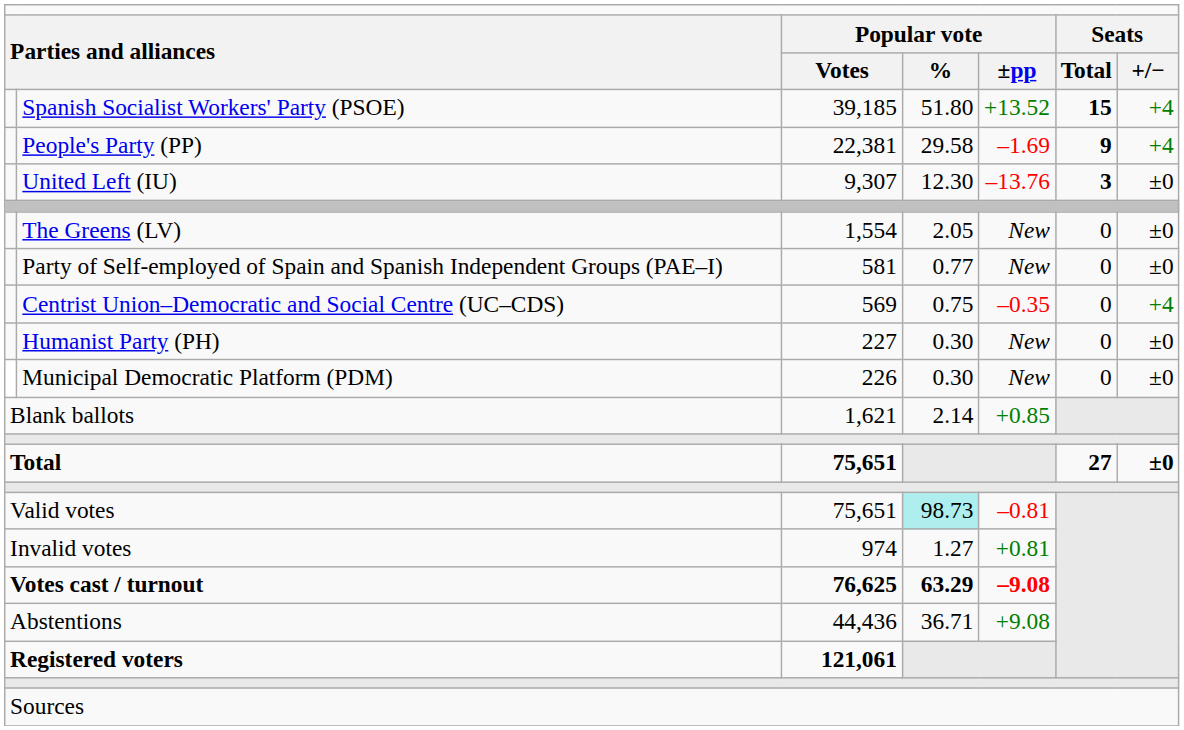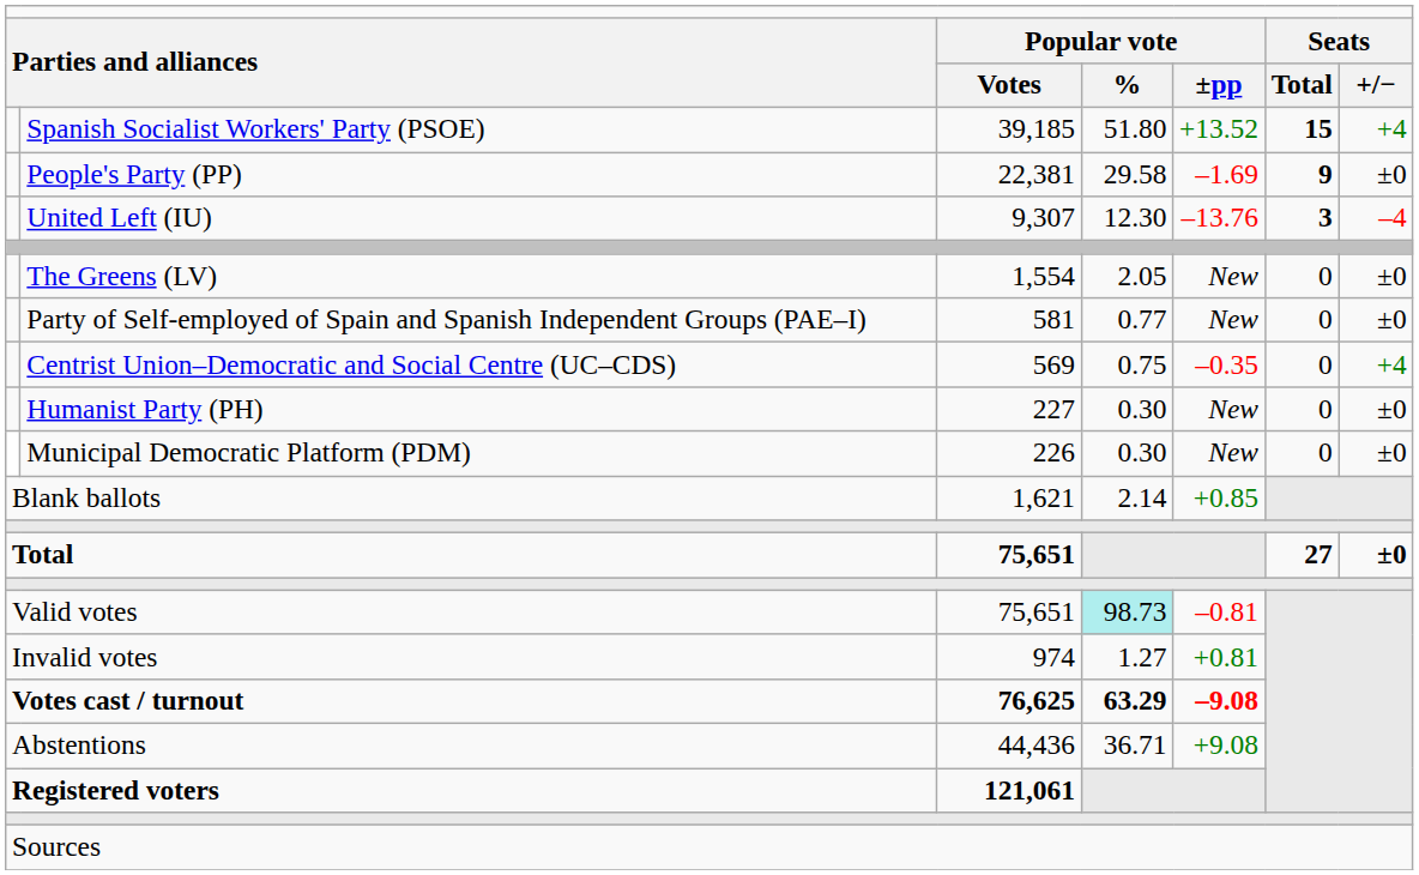 <table class="wikitable" style="text-align:right;">
 <tr>
 <td colspan="7"></td>
 </tr>
 <tr>
 <th style="text-align:left;" rowspan="2" colspan="2" width="525">Parties and alliances</th>
 <th colspan="3">Popular vote</th>
 <th colspan="2">Seats</th>
 </tr>
 <tr>
 <th width="75">Votes</th>
 <th width="45">%</th>
 <th width="45">±<a href='#'>pp</a></th>
 <th width="35">Total</th>
 <th width="35">+/−</th>
 </tr>
 <tr>
 <td width="1" style="color:inherit;background:"></td>
 <td align="left"><a href='#'>Spanish Socialist Workers' Party</a> (PSOE)</td>
 <td>39,185</td>
 <td>51.80</td>
 <td style="color:green;">+13.52</td>
 <td><strong>15</strong></td>
 <td style="color:green;">+4</td>
 </tr>
 <tr>
 <td style="color:inherit;background:"></td>
 <td align="left"><a href='#'>People's Party</a> (PP)</td>
 <td>22,381</td>
 <td>29.58</td>
 <td style="color:red;">–1.69</td>
 <td><strong>9</strong></td>
-<td style="color:green;">+4</td>
+<td>±0</td>
 </tr>
 <tr>
 <td style="color:inherit;background:"></td>
 <td align="left"><a href='#'>United Left</a> (IU)</td>
 <td>9,307</td>
 <td>12.30</td>
 <td style="color:red;">–13.76</td>
 <td><strong>3</strong></td>
-<td>±0</td>
+<td style="color:red;">–4</td>
 </tr>
 <tr>
 <td colspan="7" bgcolor="#C0C0C0"></td>
 </tr>
 <tr>
 <td style="color:inherit;background:"></td>
 <td align="left"><a href='#'>The Greens</a> (LV)</td>
 <td>1,554</td>
 <td>2.05</td>
 <td><em>New</em></td>
 <td>0</td>
 <td>±0</td>
 </tr>
 <tr>
 <td style="color:inherit;background:"></td>
 <td align="left">Party of Self-employed of Spain and Spanish Independent Groups (PAE–I)</td>
 <td>581</td>
 <td>0.77</td>
 <td><em>New</em></td>
 <td>0</td>
 <td>±0</td>
 </tr>
 <tr>
 <td style="color:inherit;background:"></td>
 <td align="left"><a href='#'>Centrist Union–Democratic and Social Centre</a> (UC–CDS)</td>
 <td>569</td>
 <td>0.75</td>
 <td style="color:red;">–0.35</td>
 <td>0</td>
 <td style="color:green;">+4</td>
 </tr>
 <tr>
 <td style="color:inherit;background:"></td>
 <td align="left"><a href='#'>Humanist Party</a> (PH)</td>
 <td>227</td>
 <td>0.30</td>
 <td><em>New</em></td>
 <td>0</td>
 <td>±0</td>
 </tr>
 <tr>
 <td bgcolor="white"></td>
 <td align="left">Municipal Democratic Platform (PDM)</td>
 <td>226</td>
 <td>0.30</td>
 <td><em>New</em></td>
 <td>0</td>
 <td>±0</td>
 </tr>
 <tr>
 <td align="left" colspan="2">Blank ballots</td>
 <td>1,621</td>
 <td>2.14</td>
 <td style="color:green;">+0.85</td>
 <td bgcolor="#E9E9E9" colspan="2"></td>
 </tr>
 <tr>
 <td colspan="7" bgcolor="#E9E9E9"></td>
 </tr>
 <tr style="font-weight:bold;">
 <td align="left" colspan="2">Total</td>
 <td>75,651</td>
 <td bgcolor="#E9E9E9" colspan="2"></td>
 <td>27</td>
 <td>±0</td>
 </tr>
 <tr>
 <td colspan="7" bgcolor="#E9E9E9"></td>
 </tr>
 <tr>
 <td align="left" colspan="2">Valid votes</td>
 <td>75,651</td>
 <td style="background: paleturquoise;">98.73</td>
 <td style="color:red;">–0.81</td>
 <td bgcolor="#E9E9E9" colspan="2" rowspan="5"></td>
 </tr>
 <tr>
 <td align="left" colspan="2">Invalid votes</td>
 <td>974</td>
 <td>1.27</td>
 <td style="color:green;">+0.81</td>
 </tr>
 <tr style="font-weight:bold;">
 <td align="left" colspan="2">Votes cast / turnout</td>
 <td>76,625</td>
 <td>63.29</td>
 <td style="color:red;">–9.08</td>
 </tr>
 <tr>
 <td align="left" colspan="2">Abstentions</td>
 <td>44,436</td>
 <td>36.71</td>
 <td style="color:green;">+9.08</td>
 </tr>
 <tr style="font-weight:bold;">
 <td align="left" colspan="2">Registered voters</td>
 <td>121,061</td>
 <td bgcolor="#E9E9E9" colspan="2"></td>
 </tr>
 <tr>
 <td colspan="7" bgcolor="#E9E9E9"></td>
 </tr>
 <tr>
 <td align="left" colspan="7">Sources</td>
 </tr>
 </table>
